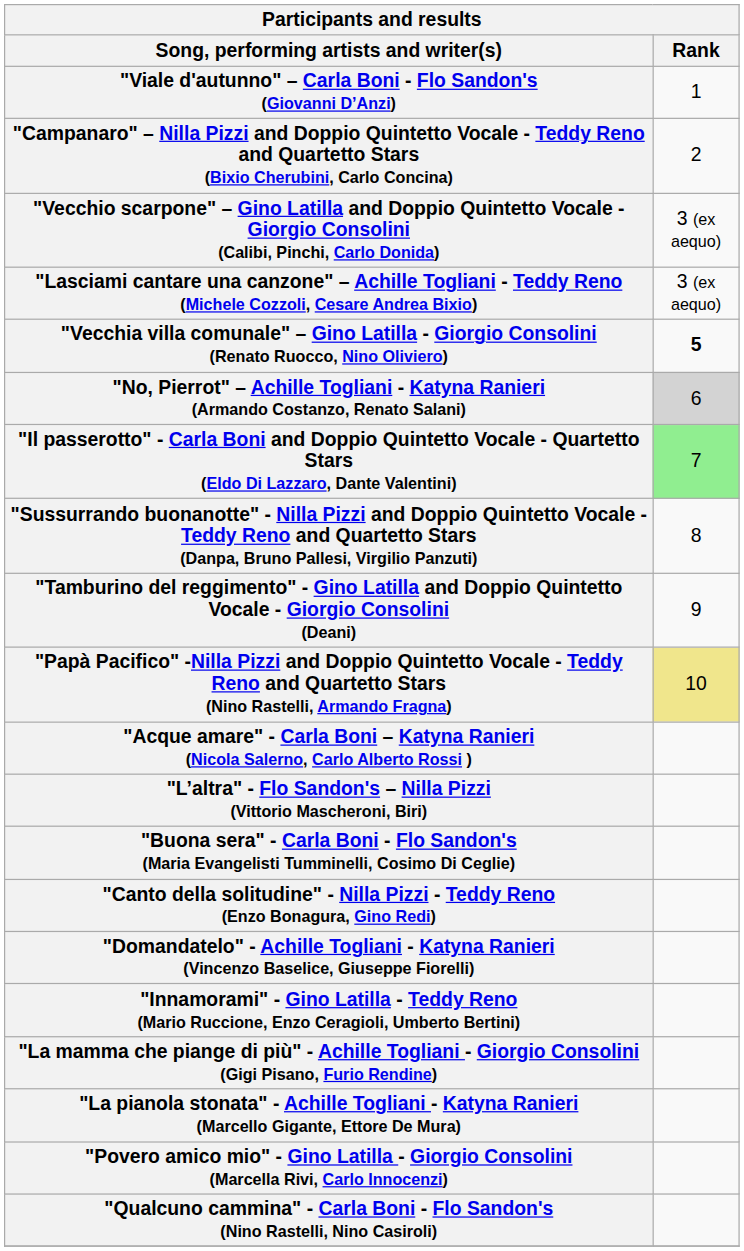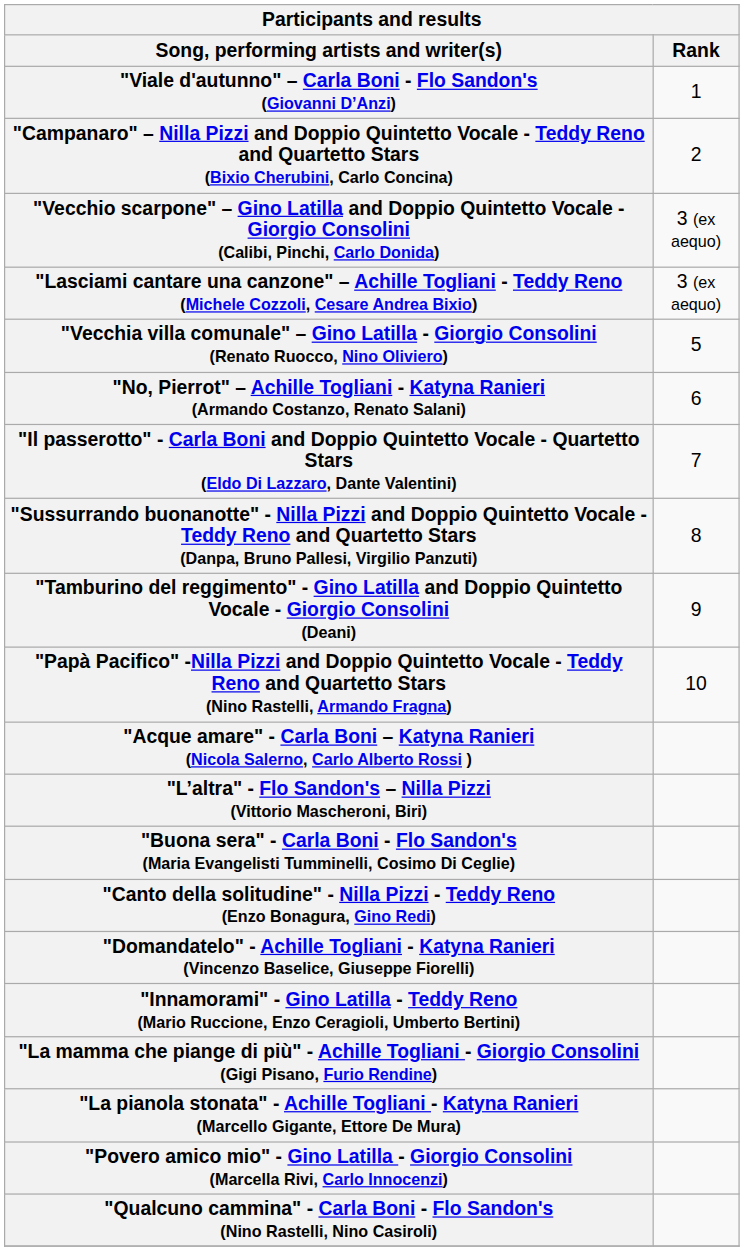 <table class="plainrowheaders wikitable">
 <tr>
 <th colspan="3">Participants and results</th>
 </tr>
 <tr>
 <th>Song, performing artists and writer(s)</th>
 <th>Rank</th>
 </tr>
 <tr>
 <th scope="row">"Viale d'autunno" –  <a href='#'>Carla Boni</a> - <a href='#'>Flo Sandon's</a>    <br><small>  (<a href='#'>Giovanni D’Anzi</a>)</small></th>
 <td style="text-align:center;">1</td>
 </tr>
 <tr>
 <th scope="row">"Campanaro" –  	<a href='#'>Nilla Pizzi</a> and Doppio Quintetto Vocale - <a href='#'>Teddy Reno</a> and Quartetto Stars <br><small>(<a href='#'>Bixio Cherubini</a>, Carlo Concina)</small></th>
 <td style="text-align:center;">2</td>
 </tr>
 <tr>
 <th scope="row">"Vecchio scarpone" – <a href='#'>Gino Latilla</a> and Doppio Quintetto Vocale - <a href='#'>Giorgio Consolini</a>  <br><small> 	(Calibi, Pinchi, <a href='#'>Carlo Donida</a>) </small></th>
 <td style="text-align:center;">3 <small>(ex aequo)</small></td>
 </tr>
 <tr>
 <th scope="row">"Lasciami cantare una canzone" –  	<a href='#'>Achille Togliani</a> - <a href='#'>Teddy Reno</a> <br><small>  	 	 	(<a href='#'>Michele Cozzoli</a>, <a href='#'>Cesare Andrea Bixio</a>)</small></th>
 <td style="text-align:center;">3 <small>(ex aequo)</small></td>
 </tr>
 <tr>
 <th scope="row">"Vecchia villa comunale" –  	<a href='#'>Gino Latilla</a>  - <a href='#'>Giorgio Consolini</a>  <br><small>  	 	 	(Renato Ruocco, <a href='#'>Nino Oliviero</a>)</small></th>
-<td style="text-align:center;"><strong>5</strong></td>
+<td style="text-align:center;">5</td>
 </tr>
 <tr>
 <th scope="row">"No, Pierrot"  –  <a href='#'>Achille Togliani</a> - <a href='#'>Katyna Ranieri</a>  <br><small>(Armando Costanzo, Renato Salani)  	 		</small></th>
-<td style="background: lightgrey; text-align:center;">6</td>
+<td style="text-align:center;">6</td>
 </tr>
 <tr>
 <th scope="row">"Il passerotto" -    <a href='#'>Carla Boni</a> and Doppio Quintetto Vocale - Quartetto Stars   <br><small> (<a href='#'>Eldo Di Lazzaro</a>, Dante Valentini)    	 	</small></th>
-<td style="background: lightgreen; text-align:center;">7</td>
+<td style="text-align:center;">7</td>
 </tr>
 <tr>
 <th scope="row">"Sussurrando buonanotte" -  <a href='#'>Nilla Pizzi</a> and Doppio Quintetto Vocale - <a href='#'>Teddy Reno</a> and Quartetto Stars  <br><small> (Danpa, Bruno Pallesi, Virgilio Panzuti)  </small></th>
 <td style="text-align:center;">8</td>
 </tr>
 <tr>
 <th scope="row">"Tamburino del reggimento" - <a href='#'>Gino Latilla</a> and Doppio Quintetto Vocale - <a href='#'>Giorgio Consolini</a>   <br><small>  (Deani)  </small></th>
 <td style="text-align:center;">9</td>
 </tr>
 <tr>
 <th scope="row">"Papà Pacifico" -<a href='#'>Nilla Pizzi</a> and Doppio Quintetto Vocale - <a href='#'>Teddy Reno</a> and Quartetto Stars  <br><small> 	(Nino Rastelli, <a href='#'>Armando Fragna</a>) 	 	</small></th>
-<td style="background: khaki; text-align:center;">10</td>
+<td style="text-align:center;">10</td>
 </tr>
 <tr>
 <th scope="row">"Acque amare" - <a href='#'>Carla Boni</a> –  <a href='#'>Katyna Ranieri</a> <br><small>  	(<a href='#'>Nicola Salerno</a>, <a href='#'>Carlo Alberto Rossi</a> )  	 	</small></th>
 <td></td>
 </tr>
 <tr>
 <th scope="row">"L’altra" -  <a href='#'>Flo Sandon's</a> –  <a href='#'>Nilla Pizzi</a>   <br><small> 	(Vittorio Mascheroni, Biri)  	 	 	</small></th>
 <td></td>
 </tr>
 <tr>
 <th scope="row">"Buona sera" - <a href='#'>Carla Boni</a> - <a href='#'>Flo Sandon's</a> <br><small>    (Maria Evangelisti Tumminelli, Cosimo Di Ceglie)</small></th>
 <td></td>
 </tr>
 <tr>
 <th scope="row">"Canto della solitudine" - <a href='#'>Nilla Pizzi</a>  - <a href='#'>Teddy Reno</a>  <br><small> 	(Enzo Bonagura, <a href='#'>Gino Redi</a>)  	</small></th>
 <td></td>
 </tr>
 <tr>
 <th scope="row">"Domandatelo" -    <a href='#'>Achille Togliani</a>  - <a href='#'>Katyna Ranieri</a>   <br><small> 	(Vincenzo Baselice, Giuseppe Fiorelli)  	 	</small></th>
 <td></td>
 </tr>
 <tr>
 <th scope="row">"Innamorami" - <a href='#'>Gino Latilla</a>  - <a href='#'>Teddy Reno</a>  <br><small> 	(Mario Ruccione, Enzo Ceragioli, Umberto Bertini)  	 	</small></th>
 <td></td>
 </tr>
 <tr>
 <th scope="row">"La mamma che piange di più" -  <a href='#'>Achille Togliani </a>  - <a href='#'>Giorgio Consolini</a>  <br><small> 	(Gigi Pisano, <a href='#'>Furio Rendine</a>)  	 	</small></th>
 <td></td>
 </tr>
 <tr>
 <th scope="row">"La pianola stonata" -  <a href='#'>Achille Togliani </a>  - <a href='#'>Katyna Ranieri</a>   <br><small> 	 (Marcello Gigante, Ettore De Mura)   	 	</small></th>
 <td></td>
 </tr>
 <tr>
 <th scope="row">"Povero amico mio" -  <a href='#'>Gino Latilla </a>  - <a href='#'>Giorgio Consolini</a>   <br><small> 	(Marcella Rivi, <a href='#'>Carlo Innocenzi</a>)  	 	</small></th>
 <td></td>
 </tr>
 <tr>
 <th scope="row">"Qualcuno cammina" -  <a href='#'>Carla Boni</a>  - <a href='#'>Flo Sandon's</a><br><small> 	(Nino Rastelli, Nino Casiroli) 	 	</small></th>
 <td></td>
 </tr>
 <tr>
 </tr>
 </table>
